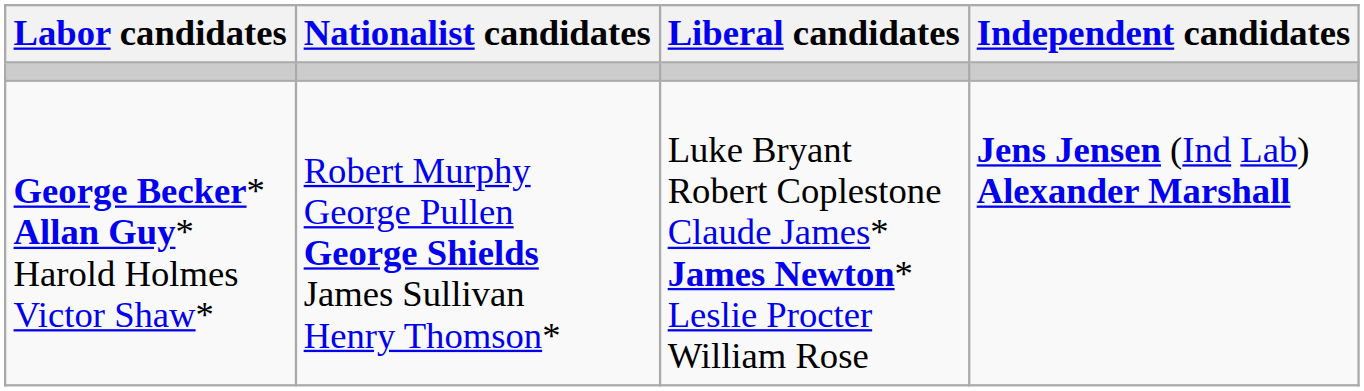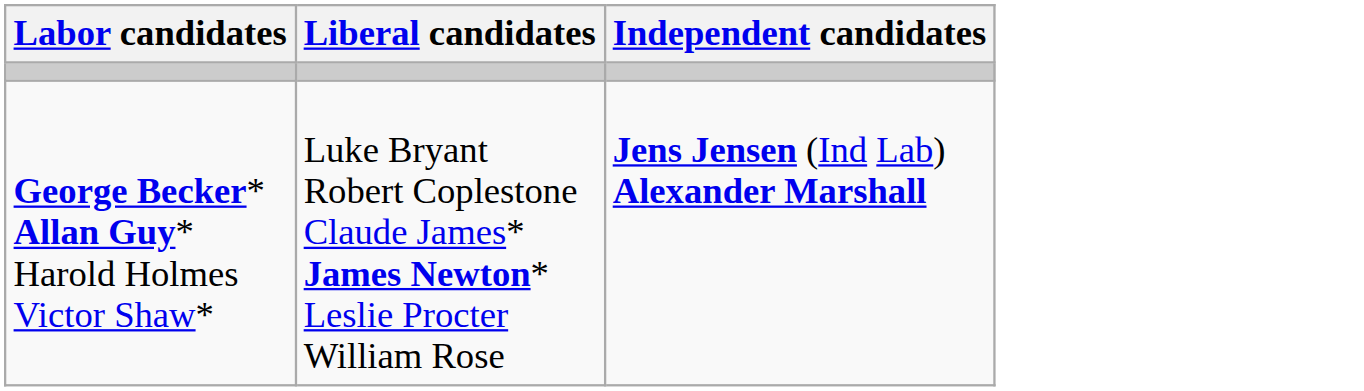 <table class="wikitable">
 <tr>
 <th><a href='#'>Labor</a> candidates</th>
-<th><a href='#'>Nationalist</a> candidates</th>
 <th><a href='#'>Liberal</a> candidates</th>
 <th><a href='#'>Independent</a> candidates</th>
 </tr>
 <tr bgcolor="#cccccc">
 <td></td>
 <td></td>
 <td></td>
-<td></td>
 </tr>
 <tr>
 <td><br><strong><a href='#'>George Becker</a></strong>*<br> <strong><a href='#'>Allan Guy</a></strong>*<br> Harold Holmes<br> <a href='#'>Victor Shaw</a>*</td>
-<td><br><a href='#'>Robert Murphy</a><br> <a href='#'>George Pullen</a><br> <strong><a href='#'>George Shields</a></strong><br> James Sullivan<br> <a href='#'>Henry Thomson</a>*</td>
 <td><br>Luke Bryant<br> Robert Coplestone<br> <a href='#'>Claude James</a>*<br> <strong><a href='#'>James Newton</a></strong>*<br> <a href='#'>Leslie Procter</a><br> William Rose</td>
 <td valign=top><br><strong><a href='#'>Jens Jensen</a></strong> (<a href='#'>Ind</a> <a href='#'>Lab</a>)<br> <strong><a href='#'>Alexander Marshall</a></strong></td>
 </tr>
 </table>
